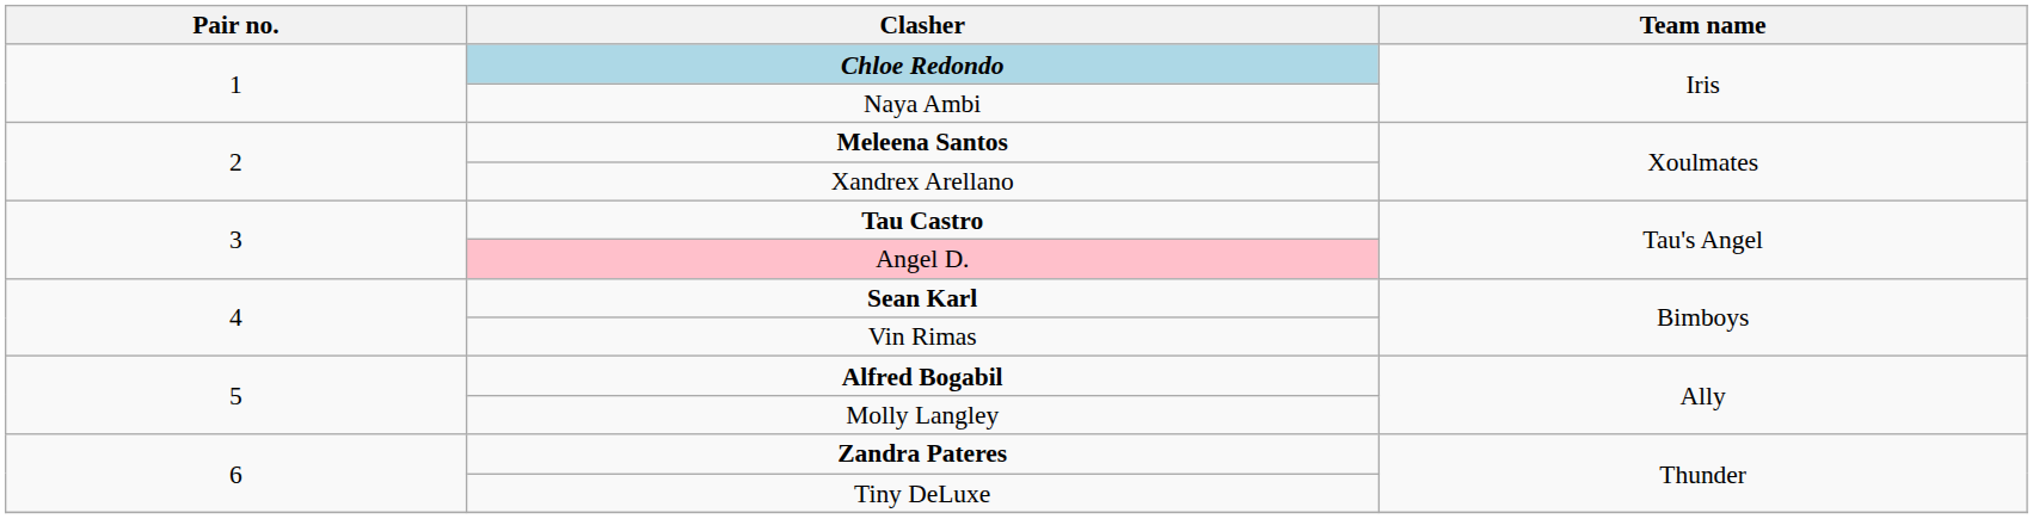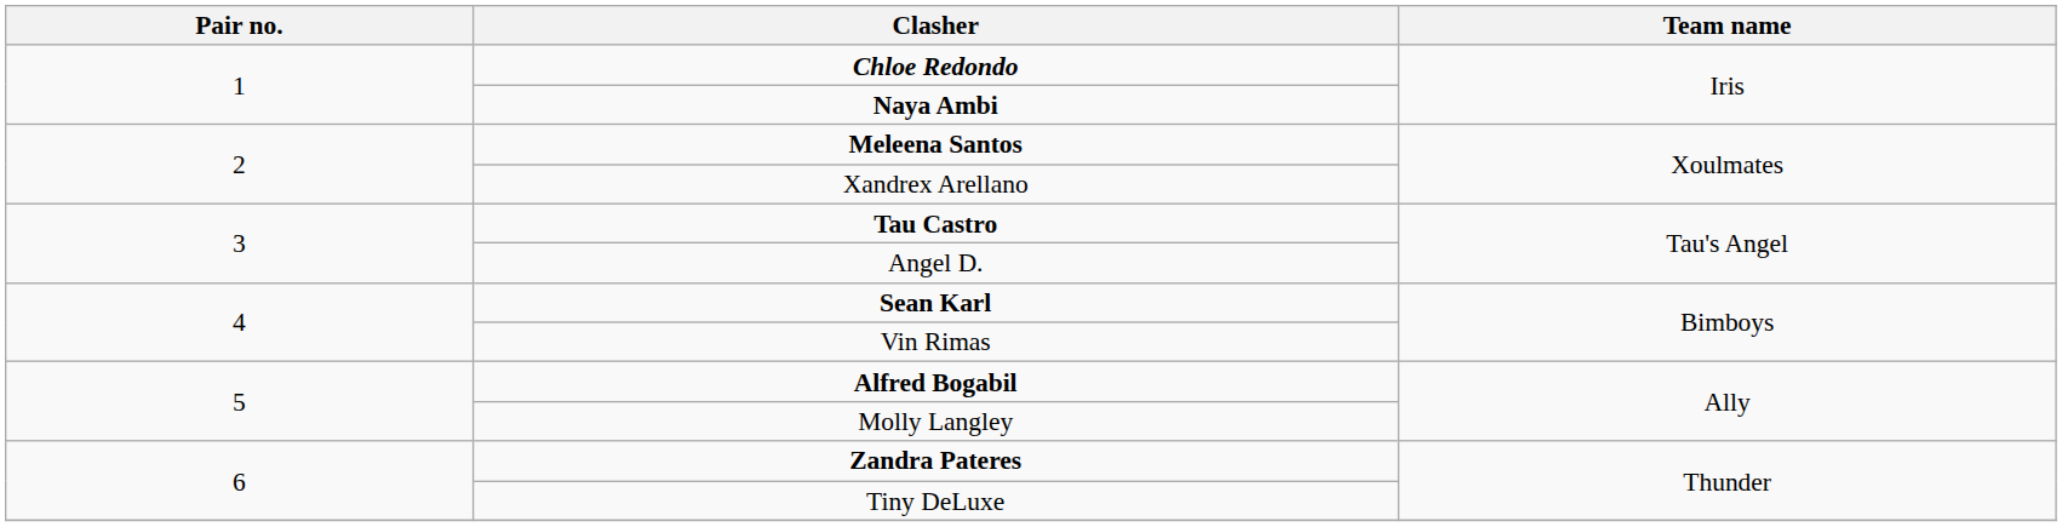 <table class="wikitable collapsible collapsed" style="text-align:center; line-height:17px; width:100%;">
 <tr>
 <th>Pair no.</th>
 <th>Clasher</th>
 <th>Team name</th>
 </tr>
 <tr>
 <td rowspan="2">1</td>
-<td style="background: lightblue;"><strong><em>Chloe Redondo</em></strong></td>
+<td><strong><em>Chloe Redondo</em></strong></td>
 <td rowspan="2">Iris</td>
 </tr>
 <tr>
-<td>Naya Ambi</td>
+<td><strong>Naya Ambi</strong></td>
 </tr>
 <tr>
 <td rowspan="2">2</td>
 <td><strong>Meleena Santos</strong></td>
 <td rowspan="2">Xoulmates</td>
 </tr>
 <tr>
 <td>Xandrex Arellano</td>
 </tr>
 <tr>
 <td rowspan="2">3</td>
 <td><strong>Tau Castro</strong></td>
 <td rowspan="2">Tau's Angel</td>
 </tr>
 <tr>
-<td style="background: pink;">Angel D.</td>
+<td>Angel D.</td>
 </tr>
 <tr>
 <td rowspan="2">4</td>
 <td><strong>Sean Karl</strong></td>
 <td rowspan="2">Bimboys</td>
 </tr>
 <tr>
 <td>Vin Rimas</td>
 </tr>
 <tr>
 <td rowspan="2">5</td>
 <td><strong>Alfred Bogabil</strong></td>
 <td rowspan="2">Ally</td>
 </tr>
 <tr>
 <td>Molly Langley</td>
 </tr>
 <tr>
 <td rowspan="2">6</td>
 <td><strong>Zandra Pateres</strong></td>
 <td rowspan="2">Thunder</td>
 </tr>
 <tr>
 <td>Tiny DeLuxe</td>
 </tr>
 <tr>
 </tr>
 </table>
